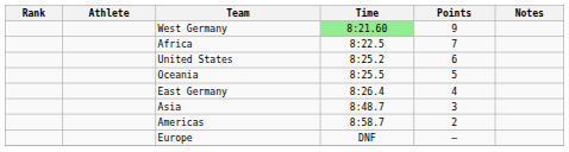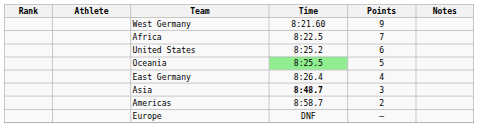 <table class="wikitable sortable" style="text-align:center" width="60%">
 <tr>
 <th>Rank</th>
 <th>Athlete</th>
 <th>Team</th>
 <th>Time</th>
 <th>Points</th>
 <th>Notes</th>
 </tr>
 <tr>
 <td></td>
 <td align="left"></td>
 <td align=left>West Germany</td>
-<td style="background: lightgreen;">8:21.60</td>
+<td>8:21.60</td>
 <td>9</td>
 <td></td>
 </tr>
 <tr>
 <td></td>
 <td align="left"></td>
 <td align=left>Africa</td>
 <td>8:22.5</td>
 <td>7</td>
 <td></td>
 </tr>
 <tr>
 <td></td>
 <td align="left"></td>
 <td align=left>United States</td>
 <td>8:25.2</td>
 <td>6</td>
 <td></td>
 </tr>
 <tr>
 <td></td>
 <td align="left"></td>
 <td align=left>Oceania</td>
-<td>8:25.5</td>
+<td style="background: lightgreen;">8:25.5</td>
 <td>5</td>
 <td></td>
 </tr>
 <tr>
 <td></td>
 <td align="left"></td>
 <td align=left>East Germany</td>
 <td>8:26.4</td>
 <td>4</td>
 <td></td>
 </tr>
 <tr>
 <td></td>
 <td align="left"></td>
 <td align=left>Asia</td>
-<td>8:48.7</td>
+<td><strong>8:48.7</strong></td>
 <td>3</td>
 <td></td>
 </tr>
 <tr>
 <td></td>
 <td align="left"></td>
 <td align=left>Americas</td>
 <td>8:58.7</td>
 <td>2</td>
 <td></td>
 </tr>
 <tr>
 <td></td>
 <td align="left"></td>
 <td align=left>Europe</td>
 <td>DNF</td>
 <td>–</td>
 <td></td>
 </tr>
 <tr>
 </tr>
 </table>
